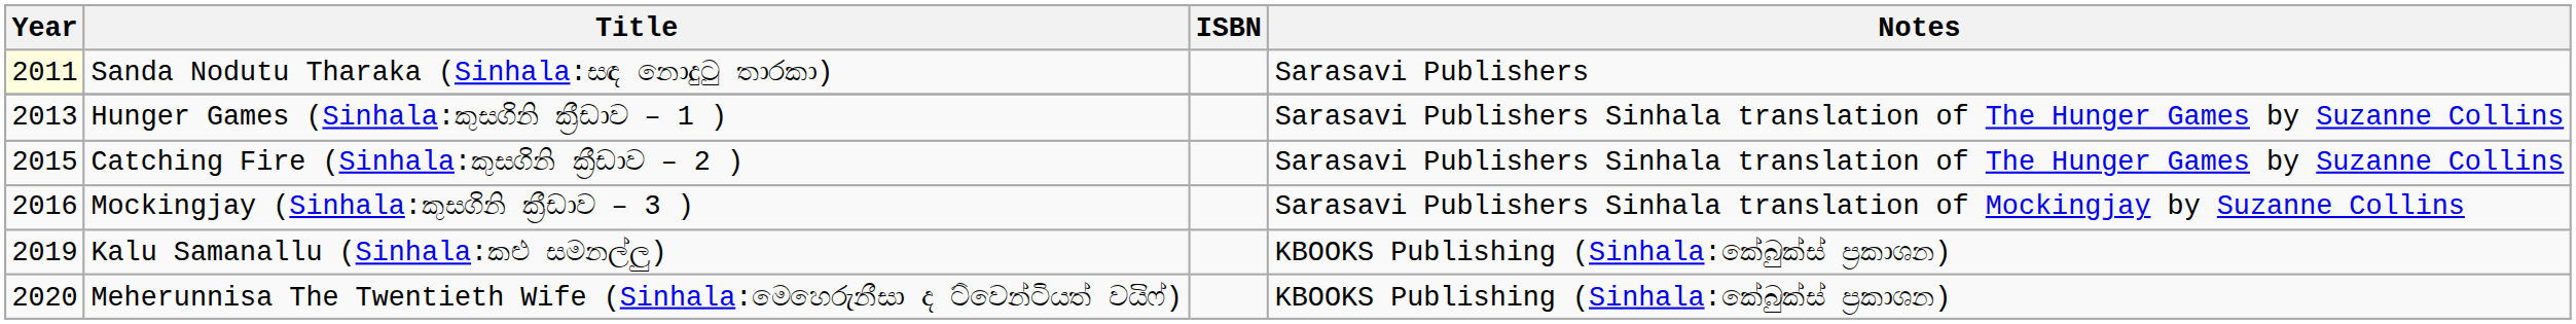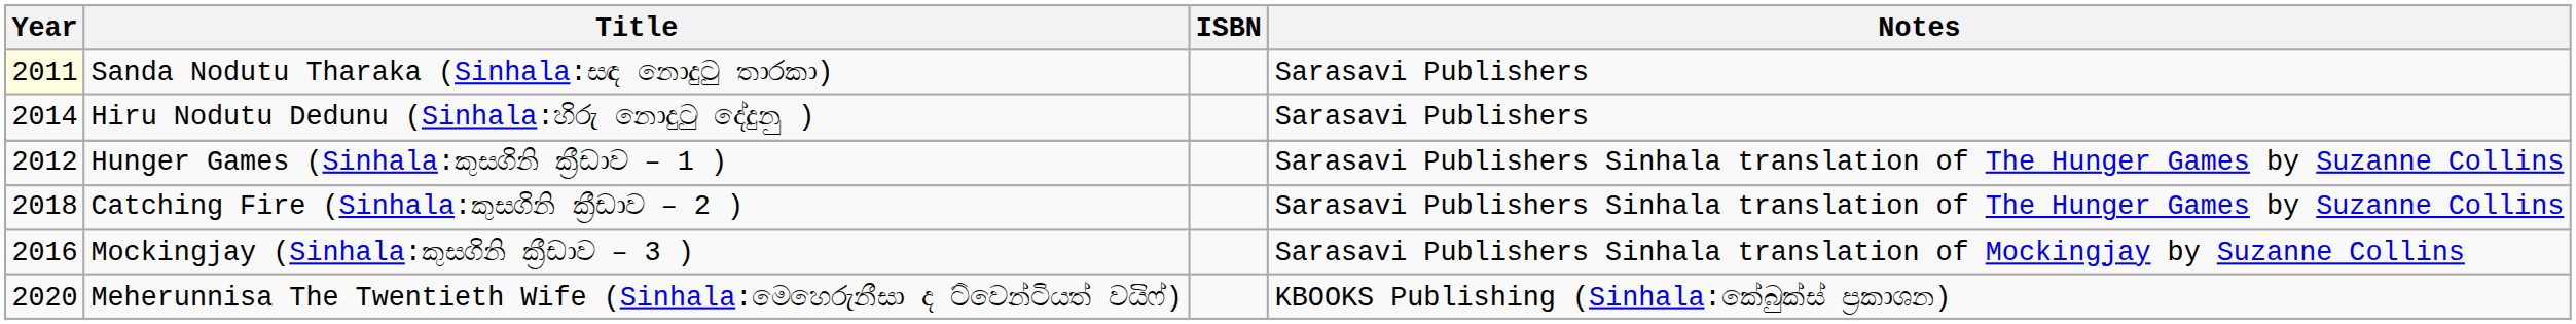 <table class="wikitable sortable">
 <tr>
 <th>Year</th>
 <th>Title</th>
 <th>ISBN</th>
 <th class="unsortable">Notes</th>
 </tr>
 <tr>
 <td style="background: lightyellow;">2011</td>
 <td>Sanda Nodutu Tharaka (<a href='#'>Sinhala</a>:සඳ  නොදුටු  තාරකා)</td>
 <td></td>
 <td>Sarasavi Publishers</td>
 </tr>
 <tr>
+<td>2014</td>
+<td>Hiru Nodutu Dedunu (<a href='#'>Sinhala</a>:හිරු නොදුටු දේදුනු )</td>
+<td></td>
+<td>Sarasavi Publishers</td>
 </tr>
 <tr>
-<td>2013</td>
+</tr>
+<tr>
+<td>2012</td>
 <td>Hunger Games (<a href='#'>Sinhala</a>:කුසගිනි ක්‍රීඩාව – 1  )</td>
 <td></td>
 <td>Sarasavi Publishers Sinhala translation of <a href='#'>The Hunger Games</a> by <a href='#'>Suzanne Collins</a></td>
 </tr>
 <tr>
-<td>2015</td>
+<td>2018</td>
 <td>Catching Fire (<a href='#'>Sinhala</a>:කුසගිනි ක්‍රීඩාව – 2  )</td>
 <td></td>
 <td>Sarasavi Publishers Sinhala translation of <a href='#'>The Hunger Games</a> by <a href='#'>Suzanne Collins</a></td>
 </tr>
 <tr>
 <td>2016</td>
 <td>Mockingjay (<a href='#'>Sinhala</a>:කුසගිනි ක්‍රීඩාව – 3 )</td>
 <td></td>
 <td>Sarasavi Publishers Sinhala translation of <a href='#'>Mockingjay</a> by <a href='#'>Suzanne Collins</a></td>
 </tr>
 <tr>
-<td>2019</td>
-<td>Kalu Samanallu (<a href='#'>Sinhala</a>:කළු සමනල්ලු)</td>
-<td></td>
-<td>KBOOKS Publishing (<a href='#'>Sinhala</a>:කේබුක්ස් ප්‍රකාශන)</td>
-</tr>
-<tr>
 <td>2020</td>
 <td>Meherunnisa The Twentieth Wife (<a href='#'>Sinhala</a>:මෙහෙරුනීසා ද ට්වෙන්ටියත් වයිෆ්)</td>
 <td></td>
 <td>KBOOKS Publishing (<a href='#'>Sinhala</a>:කේබුක්ස් ප්‍රකාශන)</td>
 </tr>
 </table>
